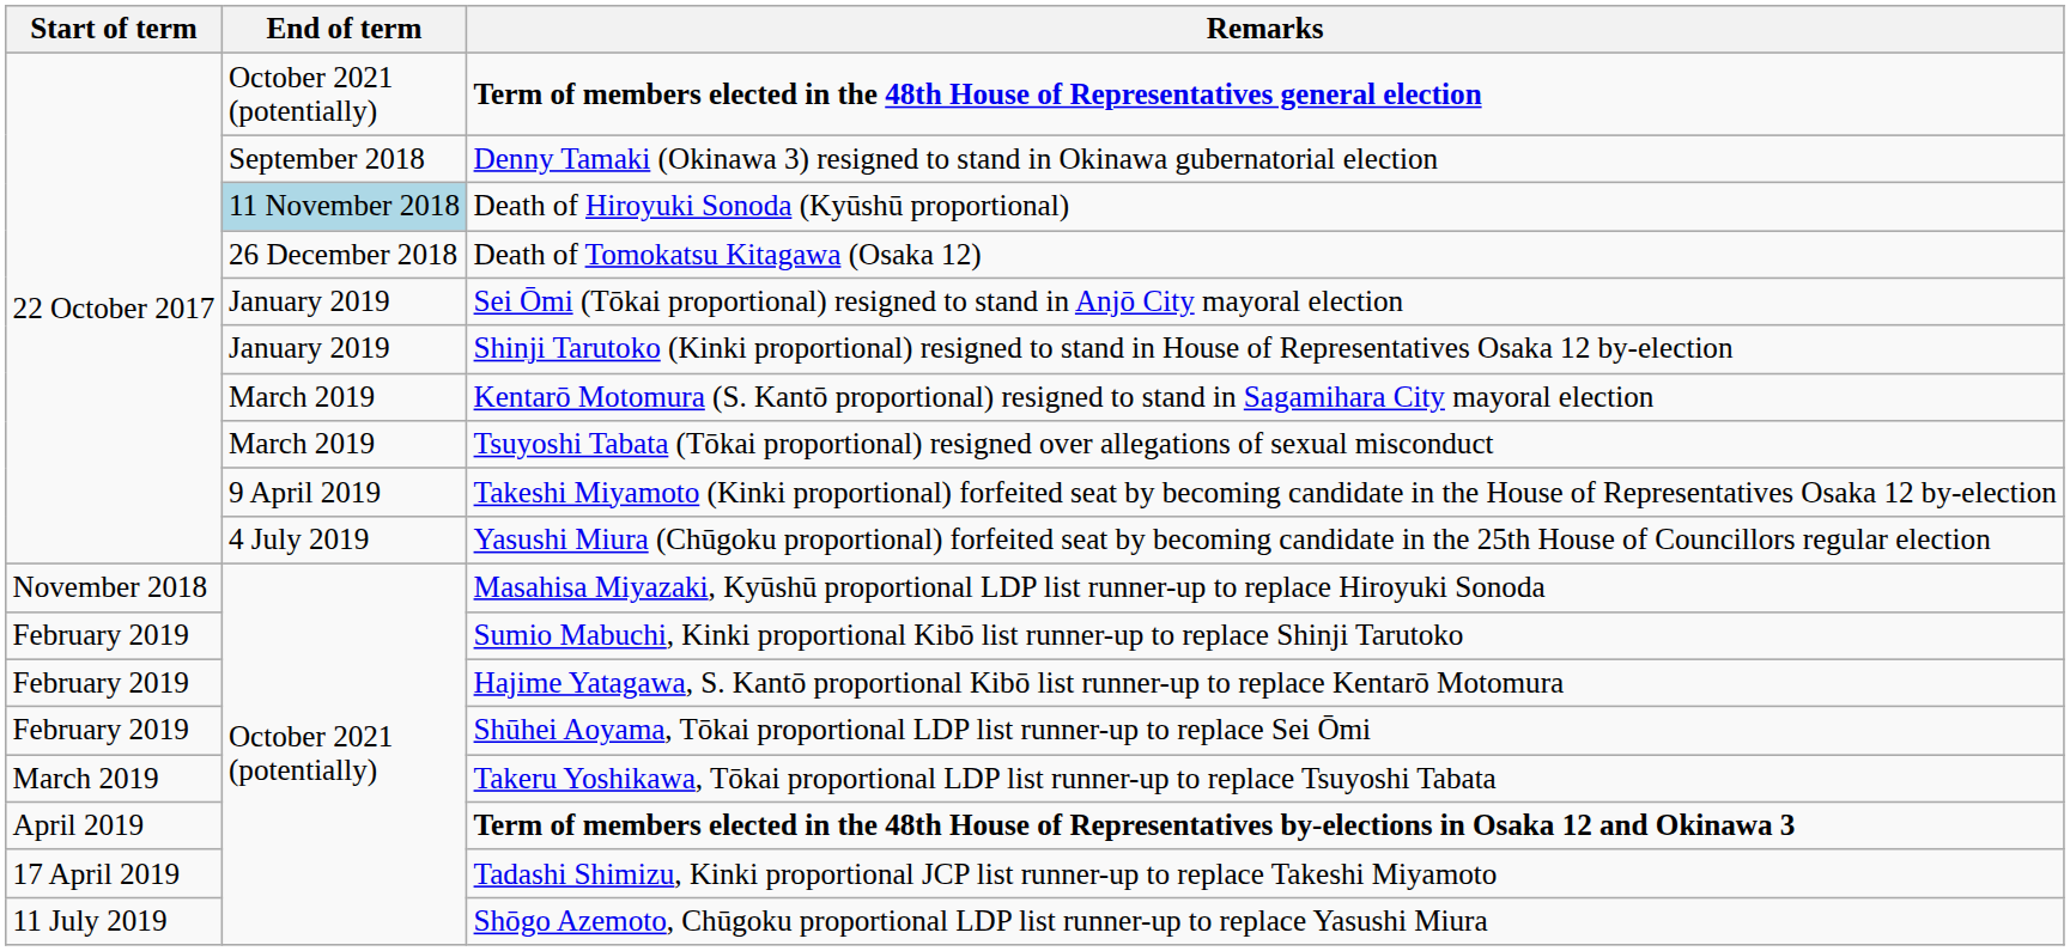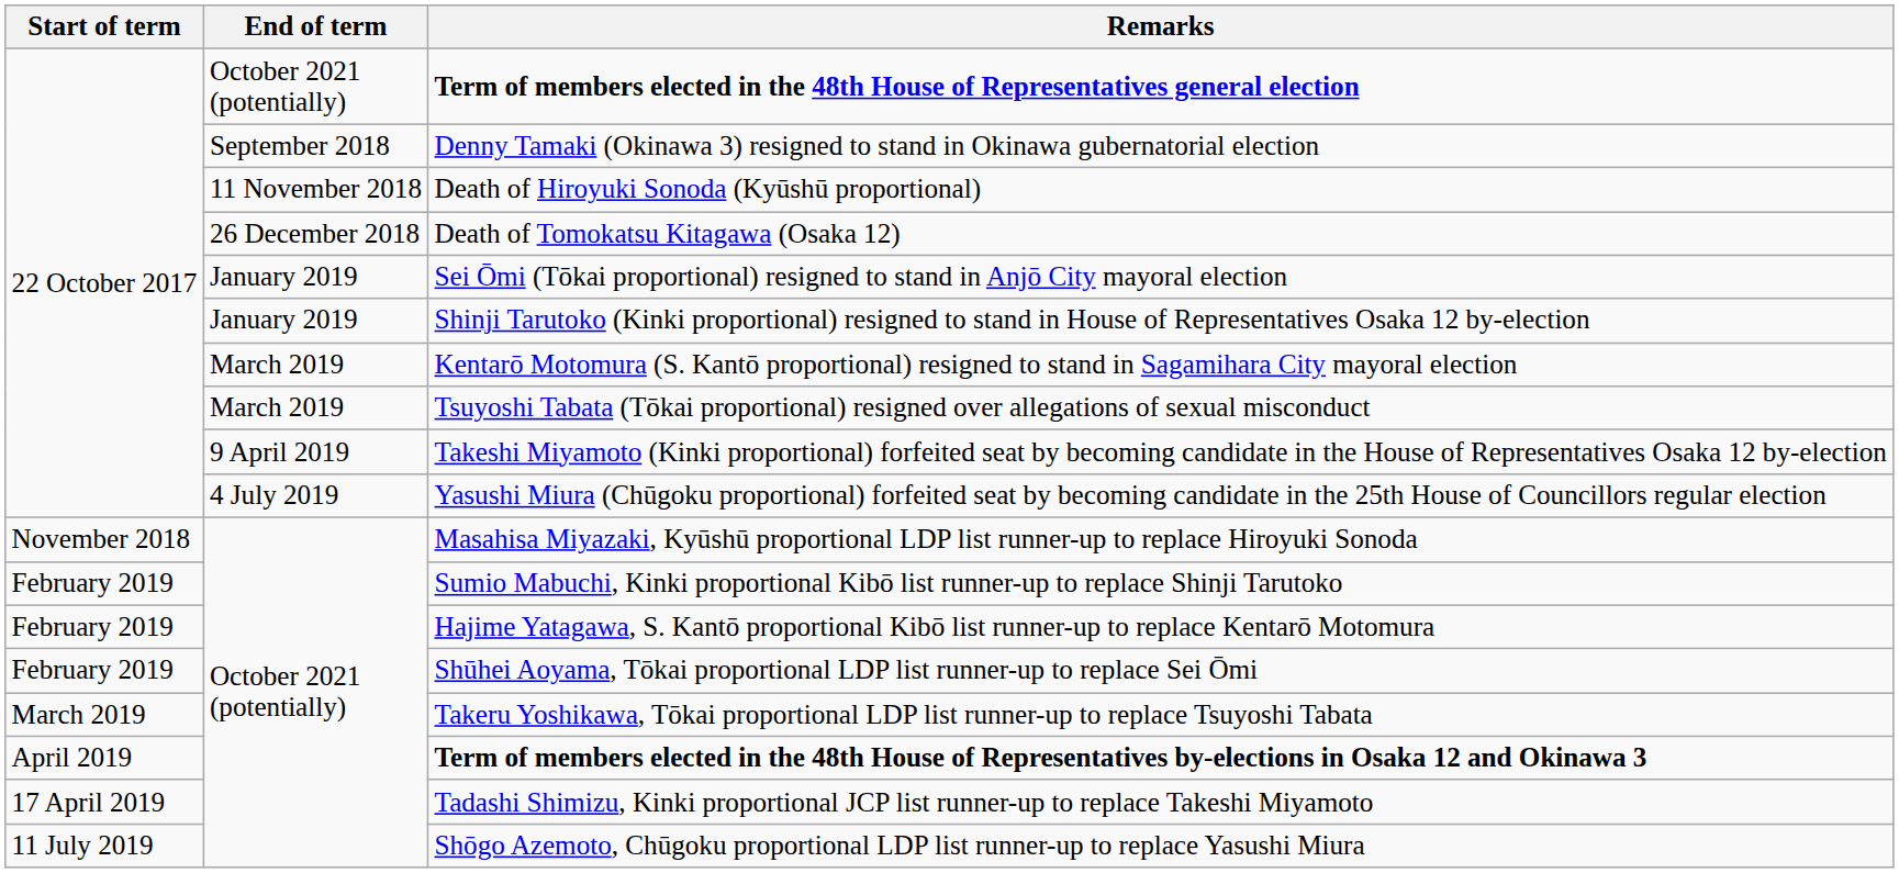 <table class="wikitable">
 <tr>
 <th>Start of term</th>
 <th>End of term</th>
 <th>Remarks</th>
 </tr>
 <tr>
 <td rowspan="10">22 October 2017</td>
 <td>October 2021<br>(potentially)</td>
 <td><strong>Term of members elected in the <a href='#'>48th House of Representatives general election</a></strong></td>
 </tr>
 <tr>
 <td>September 2018</td>
 <td><a href='#'>Denny Tamaki</a> (Okinawa 3) resigned to stand in Okinawa gubernatorial election</td>
 </tr>
 <tr>
-<td style="background: lightblue;">11 November 2018</td>
+<td>11 November 2018</td>
 <td>Death of <a href='#'>Hiroyuki Sonoda</a> (Kyūshū proportional)</td>
 </tr>
 <tr>
 <td>26 December 2018</td>
 <td>Death of <a href='#'>Tomokatsu Kitagawa</a> (Osaka 12)</td>
 </tr>
 <tr>
 <td>January 2019</td>
 <td><a href='#'>Sei Ōmi</a> (Tōkai proportional) resigned to stand in <a href='#'>Anjō City</a> mayoral election</td>
 </tr>
 <tr>
 <td>January 2019</td>
 <td><a href='#'>Shinji Tarutoko</a> (Kinki proportional) resigned to stand in House of Representatives Osaka 12 by-election</td>
 </tr>
 <tr>
 <td>March 2019</td>
 <td><a href='#'>Kentarō Motomura</a> (S. Kantō proportional) resigned to stand in <a href='#'>Sagamihara City</a> mayoral election</td>
 </tr>
 <tr>
 <td>March 2019</td>
 <td><a href='#'>Tsuyoshi Tabata</a> (Tōkai proportional) resigned over allegations of sexual misconduct</td>
 </tr>
 <tr>
 <td>9 April 2019</td>
 <td><a href='#'>Takeshi Miyamoto</a> (Kinki proportional) forfeited seat by becoming candidate in the House of Representatives Osaka 12 by-election</td>
 </tr>
 <tr>
 <td>4 July 2019</td>
 <td><a href='#'>Yasushi Miura</a> (Chūgoku proportional) forfeited seat by becoming candidate in the 25th House of Councillors regular election</td>
 </tr>
 <tr>
 <td>November 2018</td>
 <td rowspan="8">October 2021<br>(potentially)</td>
 <td><a href='#'>Masahisa Miyazaki</a>, Kyūshū proportional LDP list runner-up to replace Hiroyuki Sonoda</td>
 </tr>
 <tr>
 <td>February 2019</td>
 <td><a href='#'>Sumio Mabuchi</a>, Kinki proportional Kibō list runner-up to replace Shinji Tarutoko</td>
 </tr>
 <tr>
 <td>February 2019</td>
 <td><a href='#'>Hajime Yatagawa</a>, S. Kantō proportional Kibō list runner-up to replace Kentarō Motomura</td>
 </tr>
 <tr>
 <td>February 2019</td>
 <td><a href='#'>Shūhei Aoyama</a>, Tōkai proportional LDP list runner-up to replace Sei Ōmi</td>
 </tr>
 <tr>
 <td>March 2019</td>
 <td><a href='#'>Takeru Yoshikawa</a>, Tōkai proportional LDP list runner-up to replace Tsuyoshi Tabata</td>
 </tr>
 <tr>
 <td>April 2019</td>
 <td><strong>Term of members elected in the 48th House of Representatives by-elections in Osaka 12 and Okinawa 3</strong></td>
 </tr>
 <tr>
 <td>17 April 2019</td>
 <td><a href='#'>Tadashi Shimizu</a>, Kinki proportional JCP list runner-up to replace Takeshi Miyamoto</td>
 </tr>
 <tr>
 <td>11 July 2019</td>
 <td><a href='#'>Shōgo Azemoto</a>, Chūgoku proportional LDP list runner-up to replace Yasushi Miura</td>
 </tr>
 </table>
